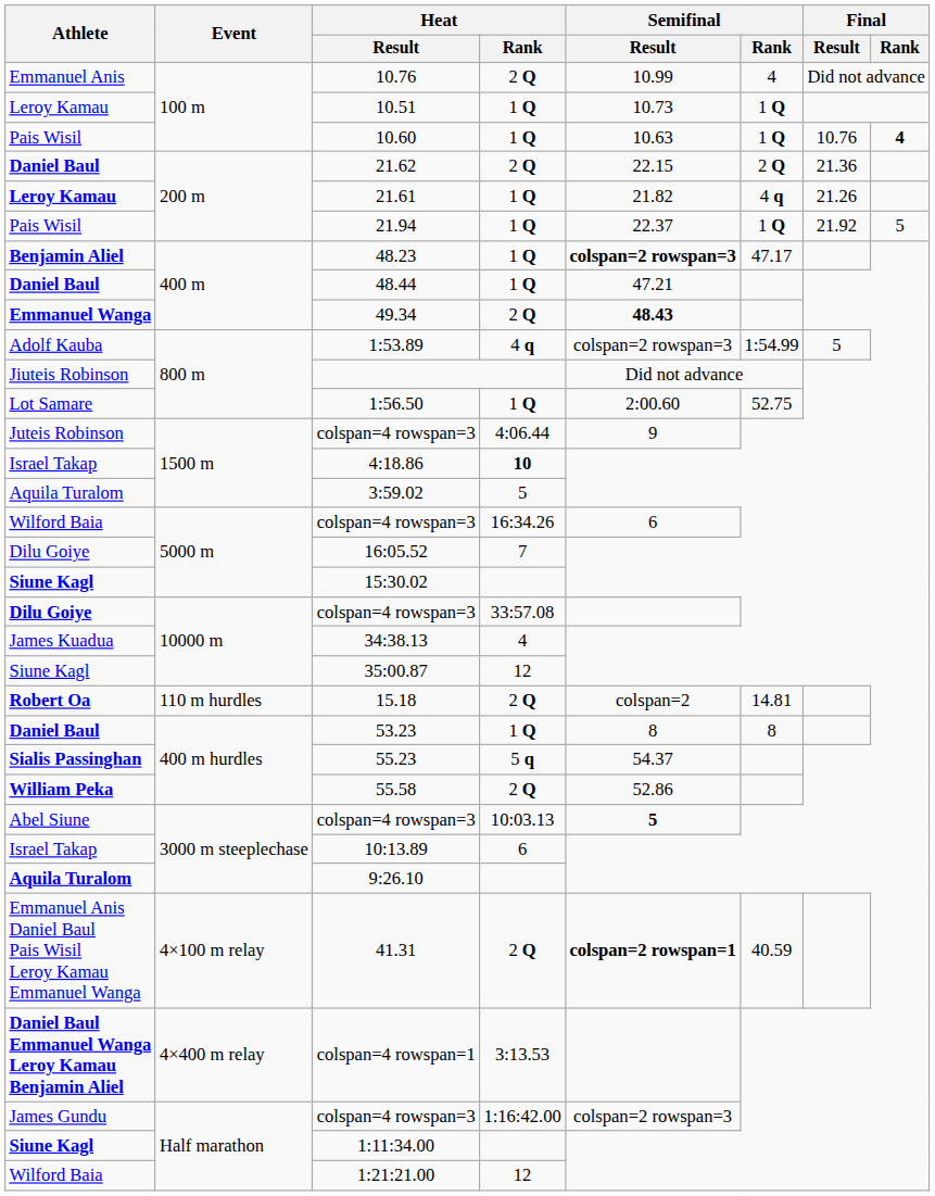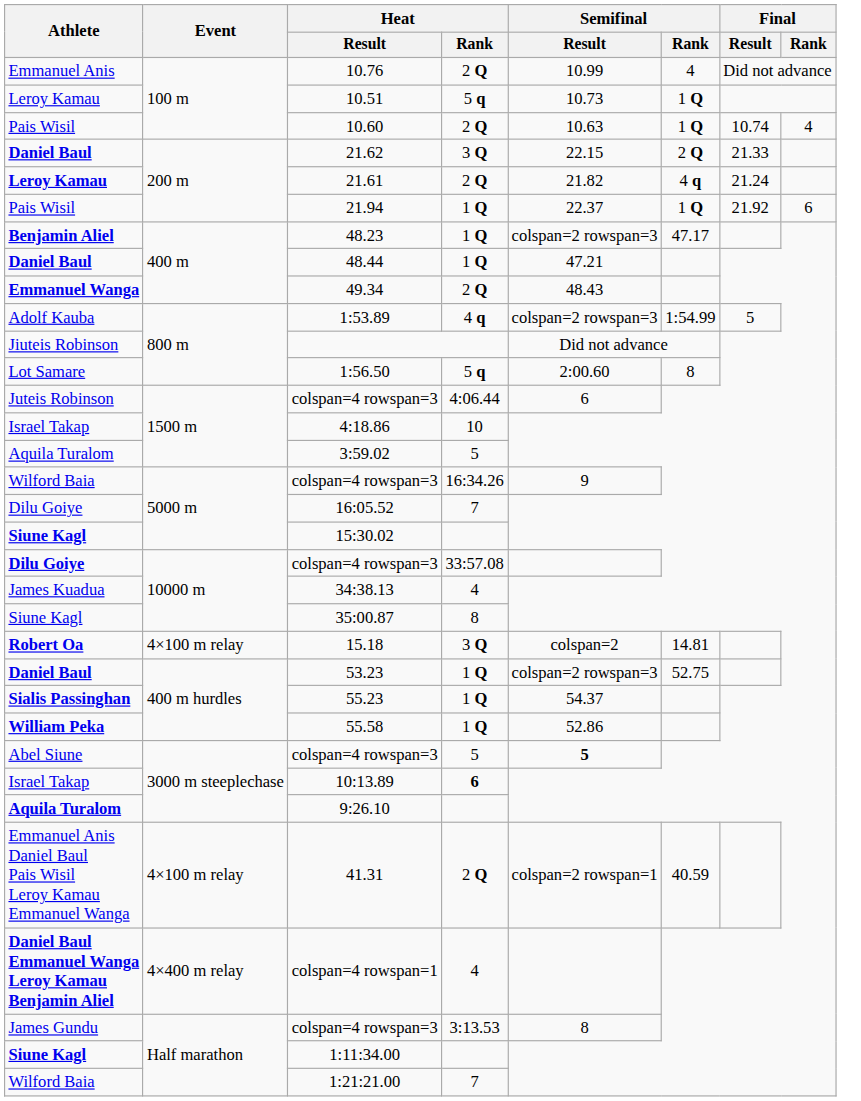 <table class="wikitable" style="font-size:90%">
 <tr>
 <th rowspan="2">Athlete</th>
 <th rowspan="2">Event</th>
 <th colspan="2">Heat</th>
 <th colspan="2">Semifinal</th>
 <th colspan="2">Final</th>
 </tr>
 <tr style="font-size:95%">
 <th>Result</th>
 <th>Rank</th>
 <th>Result</th>
 <th>Rank</th>
 <th>Result</th>
 <th>Rank</th>
 </tr>
 <tr style=text-align:center>
 <td style=text-align:left><a href='#'>Emmanuel Anis</a></td>
 <td style=text-align:left rowspan=3>100 m</td>
 <td>10.76</td>
 <td>2 <strong>Q</strong></td>
 <td>10.99</td>
 <td>4</td>
 <td colspan=2>Did not advance</td>
 </tr>
 <tr style=text-align:center>
 <td style=text-align:left><a href='#'>Leroy Kamau</a></td>
 <td>10.51</td>
-<td>1 <strong>Q</strong></td>
+<td>5 <strong>q</strong></td>
 <td>10.73</td>
 <td>1 <strong>Q</strong></td>
 <td colspan=2></td>
 </tr>
 <tr style=text-align:center>
 <td style=text-align:left><a href='#'>Pais Wisil</a></td>
 <td>10.60</td>
-<td>1 <strong>Q</strong></td>
+<td>2 <strong>Q</strong></td>
 <td>10.63</td>
 <td>1 <strong>Q</strong></td>
-<td>10.76</td>
-<td><strong>4</strong></td>
+<td>10.74</td>
+<td>4</td>
 </tr>
 <tr style=text-align:center>
 <td style=text-align:left><strong><a href='#'>Daniel Baul</a></strong></td>
 <td style=text-align:left rowspan=3>200 m</td>
 <td>21.62</td>
-<td>2 <strong>Q</strong></td>
+<td>3 <strong>Q</strong></td>
 <td>22.15</td>
 <td>2 <strong>Q</strong></td>
-<td>21.36</td>
+<td>21.33</td>
 <td></td>
 </tr>
 <tr style=text-align:center>
 <td style=text-align:left><strong><a href='#'>Leroy Kamau</a></strong></td>
 <td>21.61</td>
-<td>1 <strong>Q</strong></td>
+<td>2 <strong>Q</strong></td>
 <td>21.82</td>
 <td>4 <strong>q</strong></td>
-<td>21.26</td>
+<td>21.24</td>
 <td></td>
 </tr>
 <tr style=text-align:center>
 <td style=text-align:left><a href='#'>Pais Wisil</a></td>
 <td>21.94</td>
 <td>1 <strong>Q</strong></td>
 <td>22.37</td>
 <td>1 <strong>Q</strong></td>
 <td>21.92</td>
-<td>5</td>
+<td>6</td>
 </tr>
 <tr style=text-align:center>
 <td style=text-align:left><strong><a href='#'>Benjamin Aliel</a></strong></td>
 <td style=text-align:left rowspan=3>400 m</td>
 <td>48.23</td>
 <td>1 <strong>Q</strong></td>
-<td><strong>colspan=2 rowspan=3 </strong></td>
+<td>colspan=2 rowspan=3 </td>
 <td>47.17</td>
 <td></td>
 </tr>
 <tr style=text-align:center>
 <td style=text-align:left><strong><a href='#'>Daniel Baul</a></strong></td>
 <td>48.44</td>
 <td>1 <strong>Q</strong></td>
 <td>47.21</td>
 <td></td>
 </tr>
 <tr style=text-align:center>
 <td style=text-align:left><strong><a href='#'>Emmanuel Wanga</a></strong></td>
 <td>49.34</td>
 <td>2 <strong>Q</strong></td>
-<td><strong>48.43</strong></td>
+<td>48.43</td>
 <td></td>
 </tr>
 <tr style=text-align:center>
 <td style=text-align:left><a href='#'>Adolf Kauba</a></td>
 <td style=text-align:left rowspan=3>800 m</td>
 <td>1:53.89</td>
 <td>4 <strong>q</strong></td>
 <td>colspan=2 rowspan=3 </td>
 <td>1:54.99</td>
 <td>5</td>
 </tr>
 <tr style=text-align:center>
 <td style=text-align:left><a href='#'>Jiuteis Robinson</a></td>
 <td colspan=2></td>
 <td colspan=2>Did not advance</td>
 </tr>
 <tr style=text-align:center>
 <td style=text-align:left><a href='#'>Lot Samare</a></td>
 <td>1:56.50</td>
-<td>1 <strong>Q</strong></td>
+<td>5 <strong>q</strong></td>
 <td>2:00.60</td>
-<td>52.75</td>
+<td>8</td>
 </tr>
 <tr style=text-align:center>
 <td style=text-align:left><a href='#'>Juteis Robinson</a></td>
 <td style=text-align:left rowspan=3>1500 m</td>
 <td>colspan=4 rowspan=3 </td>
 <td>4:06.44</td>
-<td>9</td>
+<td>6</td>
 </tr>
 <tr style=text-align:center>
 <td style=text-align:left><a href='#'>Israel Takap</a></td>
 <td>4:18.86</td>
-<td><strong>10</strong></td>
+<td>10</td>
 </tr>
 <tr style=text-align:center>
 <td style=text-align:left><a href='#'>Aquila Turalom</a></td>
 <td>3:59.02</td>
 <td>5</td>
 </tr>
 <tr style=text-align:center>
 <td style=text-align:left><a href='#'>Wilford Baia</a></td>
 <td style=text-align:left rowspan=3>5000 m</td>
 <td>colspan=4 rowspan=3 </td>
 <td>16:34.26</td>
-<td>6</td>
+<td>9</td>
 </tr>
 <tr style=text-align:center>
 <td style=text-align:left><a href='#'>Dilu Goiye</a></td>
 <td>16:05.52</td>
 <td>7</td>
 </tr>
 <tr style=text-align:center>
 <td style=text-align:left><strong><a href='#'>Siune Kagl</a></strong></td>
 <td>15:30.02</td>
 <td></td>
 </tr>
 <tr style=text-align:center>
 <td style=text-align:left><strong><a href='#'>Dilu Goiye</a></strong></td>
 <td style=text-align:left rowspan=3>10000 m</td>
 <td>colspan=4 rowspan=3 </td>
 <td>33:57.08</td>
 <td></td>
 </tr>
 <tr style=text-align:center>
 <td style=text-align:left><a href='#'>James Kuadua</a></td>
 <td>34:38.13</td>
 <td>4</td>
 </tr>
 <tr style=text-align:center>
 <td style=text-align:left><a href='#'>Siune Kagl</a></td>
 <td>35:00.87</td>
-<td>12</td>
+<td>8</td>
 </tr>
 <tr style=text-align:center>
 <td style=text-align:left><strong><a href='#'>Robert Oa</a></strong></td>
-<td style=text-align:left>110 m hurdles</td>
+<td style=text-align:left rowspan=1>4×100 m relay</td>
 <td>15.18</td>
-<td>2 <strong>Q</strong></td>
+<td>3 <strong>Q</strong></td>
 <td>colspan=2 </td>
 <td>14.81</td>
 <td></td>
 </tr>
 <tr style=text-align:center>
 <td style=text-align:left><strong><a href='#'>Daniel Baul</a></strong></td>
 <td style=text-align:left rowspan=3>400 m hurdles</td>
 <td>53.23</td>
 <td>1 <strong>Q</strong></td>
-<td>8</td>
-<td>8</td>
+<td>colspan=2 rowspan=3 </td>
+<td>52.75</td>
 <td></td>
 </tr>
 <tr style=text-align:center>
 <td style=text-align:left><strong><a href='#'>Sialis Passinghan</a></strong></td>
 <td>55.23</td>
-<td>5 <strong>q</strong></td>
+<td>1 <strong>Q</strong></td>
 <td>54.37</td>
 <td></td>
 </tr>
 <tr style=text-align:center>
 <td style=text-align:left><strong><a href='#'>William Peka</a></strong></td>
 <td>55.58</td>
-<td>2 <strong>Q</strong></td>
+<td>1 <strong>Q</strong></td>
 <td>52.86</td>
 <td></td>
 </tr>
 <tr style=text-align:center>
 <td style=text-align:left><a href='#'>Abel Siune</a></td>
 <td style=text-align:left rowspan=3>3000 m steeplechase</td>
 <td>colspan=4 rowspan=3 </td>
-<td>10:03.13</td>
+<td>5</td>
 <td><strong>5</strong></td>
 </tr>
 <tr style=text-align:center>
 <td style=text-align:left><a href='#'>Israel Takap</a></td>
 <td>10:13.89</td>
-<td>6</td>
+<td><strong>6</strong></td>
 </tr>
 <tr style=text-align:center>
 <td style=text-align:left><strong><a href='#'>Aquila Turalom</a></strong></td>
 <td>9:26.10</td>
 <td></td>
 </tr>
 <tr style=text-align:center>
 <td style=text-align:left><a href='#'>Emmanuel Anis</a><br><a href='#'>Daniel Baul</a><br><a href='#'>Pais Wisil</a><br><a href='#'>Leroy Kamau</a><br><a href='#'>Emmanuel Wanga</a></td>
 <td style=text-align:left rowspan=1>4×100 m relay</td>
 <td>41.31</td>
 <td>2 <strong>Q</strong></td>
-<td><strong>colspan=2 rowspan=1 </strong></td>
+<td>colspan=2 rowspan=1 </td>
 <td>40.59</td>
 <td></td>
 </tr>
 <tr style=text-align:center>
 <td style=text-align:left><strong><a href='#'>Daniel Baul</a><br><a href='#'>Emmanuel Wanga</a><br><a href='#'>Leroy Kamau</a><br><a href='#'>Benjamin Aliel</a></strong></td>
 <td style=text-align:left rowspan=1>4×400 m relay</td>
 <td>colspan=4 rowspan=1 </td>
-<td>3:13.53</td>
+<td>4</td>
 <td></td>
 </tr>
 <tr style=text-align:center>
 <td style=text-align:left><a href='#'>James Gundu</a></td>
 <td style=text-align:left rowspan=3>Half marathon</td>
 <td>colspan=4 rowspan=3 </td>
-<td>1:16:42.00</td>
-<td>colspan=2 rowspan=3 </td>
+<td>3:13.53</td>
+<td>8</td>
 </tr>
 <tr style=text-align:center>
 <td style=text-align:left><strong><a href='#'>Siune Kagl</a></strong></td>
 <td>1:11:34.00</td>
 <td></td>
 </tr>
 <tr style=text-align:center>
 <td style=text-align:left><a href='#'>Wilford Baia</a></td>
 <td>1:21:21.00</td>
-<td>12</td>
+<td>7</td>
 </tr>
 </table>
